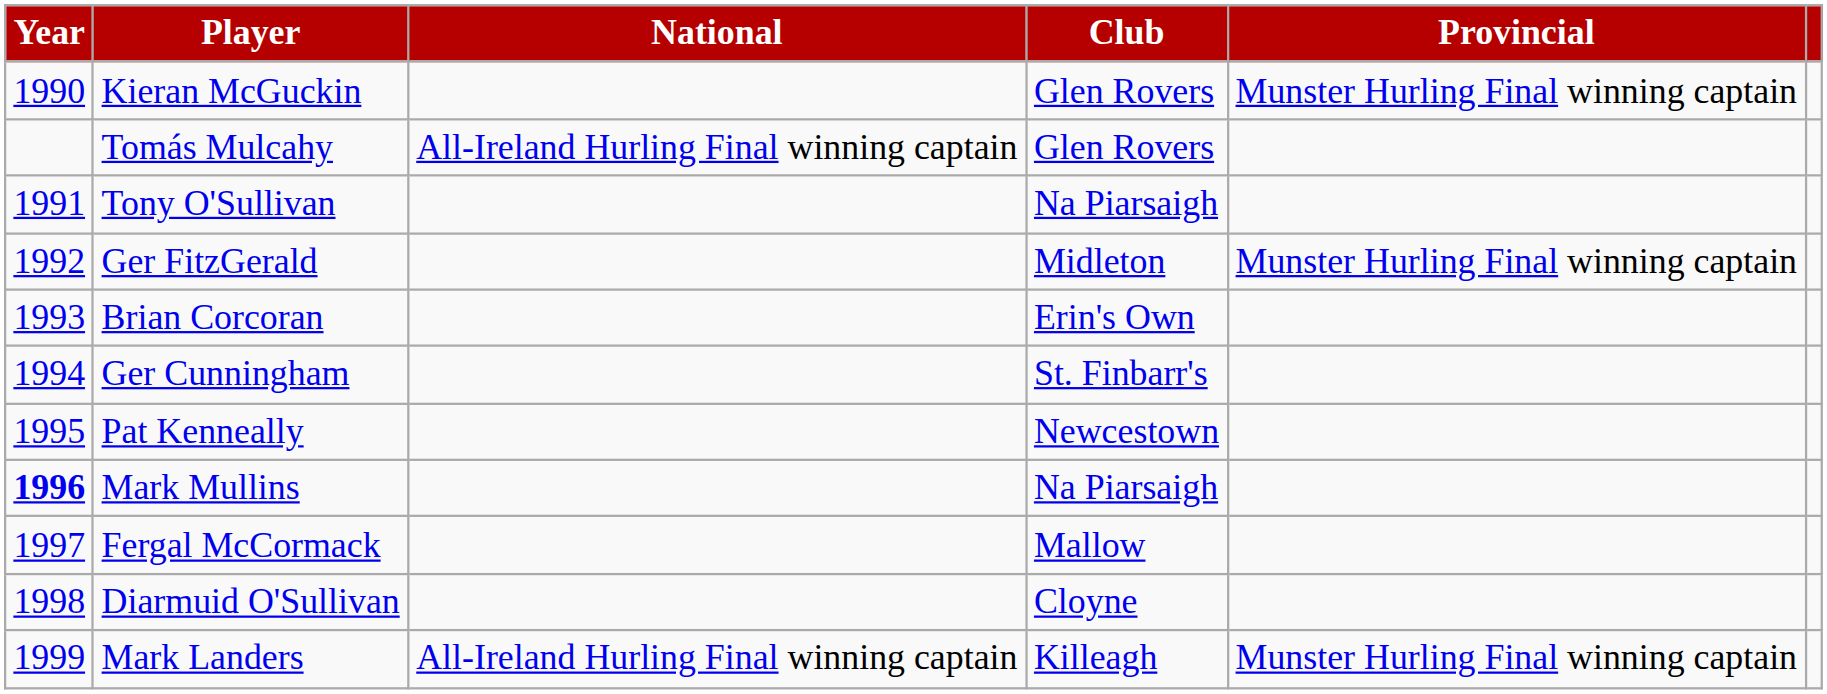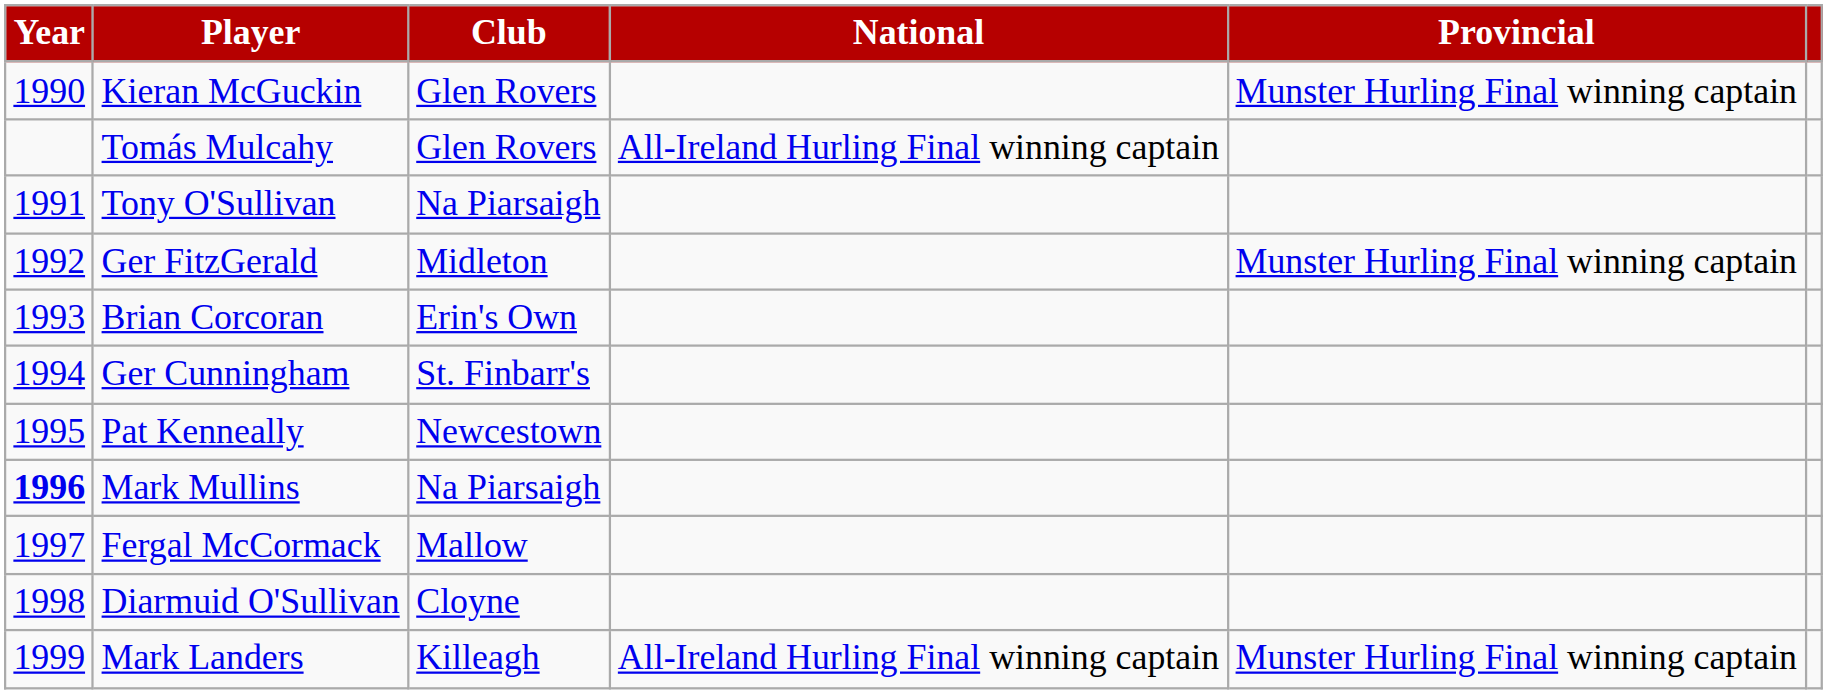 <table class="wikitable">
 <tr style="text-align:center;background:#B60000;color:white">
 <td><strong>Year</strong></td>
 <td><strong>Player</strong></td>
+<td><strong>Club</strong></td>
 <td><strong>National</strong></td>
-<td><strong>Club</strong></td>
 <td><strong>Provincial</strong></td>
 <td></td>
 </tr>
 <tr>
 <td style="text-align:left;"><a href='#'>1990</a></td>
 <td style="text-align:left;"><a href='#'>Kieran McGuckin</a></td>
+<td style="text-align:left;"><a href='#'>Glen Rovers</a></td>
 <td></td>
-<td style="text-align:left;"><a href='#'>Glen Rovers</a></td>
 <td style="text-align:left;"><a href='#'>Munster Hurling Final</a> winning captain</td>
 <td></td>
 </tr>
 <tr>
 <td></td>
 <td style="text-align:left;"><a href='#'>Tomás Mulcahy</a></td>
+<td style="text-align:left;"><a href='#'>Glen Rovers</a></td>
 <td style="text-align:left;"><a href='#'>All-Ireland Hurling Final</a> winning captain</td>
-<td style="text-align:left;"><a href='#'>Glen Rovers</a></td>
 <td></td>
 <td></td>
 </tr>
 <tr>
 <td style="text-align:left;"><a href='#'>1991</a></td>
 <td style="text-align:left;"><a href='#'>Tony O'Sullivan</a></td>
+<td style="text-align:left;"><a href='#'>Na Piarsaigh</a></td>
 <td></td>
-<td style="text-align:left;"><a href='#'>Na Piarsaigh</a></td>
 <td></td>
 <td></td>
 </tr>
 <tr>
 <td style="text-align:left;"><a href='#'>1992</a></td>
 <td style="text-align:left;"><a href='#'>Ger FitzGerald</a></td>
+<td style="text-align:left;"><a href='#'>Midleton</a></td>
 <td></td>
-<td style="text-align:left;"><a href='#'>Midleton</a></td>
 <td style="text-align:left;"><a href='#'>Munster Hurling Final</a> winning captain</td>
 <td></td>
 </tr>
 <tr>
 <td style="text-align:left;"><a href='#'>1993</a></td>
 <td style="text-align:left;"><a href='#'>Brian Corcoran</a></td>
+<td style="text-align:left;"><a href='#'>Erin's Own</a></td>
 <td></td>
-<td style="text-align:left;"><a href='#'>Erin's Own</a></td>
 <td></td>
 <td></td>
 </tr>
 <tr>
 <td style="text-align:left;"><a href='#'>1994</a></td>
 <td style="text-align:left;"><a href='#'>Ger Cunningham</a></td>
+<td style="text-align:left;"><a href='#'>St. Finbarr's</a></td>
 <td></td>
-<td style="text-align:left;"><a href='#'>St. Finbarr's</a></td>
 <td></td>
 <td></td>
 </tr>
 <tr>
 <td style="text-align:left;"><a href='#'>1995</a></td>
 <td style="text-align:left;"><a href='#'>Pat Kenneally</a></td>
+<td style="text-align:left;"><a href='#'>Newcestown</a></td>
 <td></td>
-<td style="text-align:left;"><a href='#'>Newcestown</a></td>
 <td></td>
 <td></td>
 </tr>
 <tr>
 <td style="text-align:left;"><strong><a href='#'>1996</a></strong></td>
 <td style="text-align:left;"><a href='#'>Mark Mullins</a></td>
+<td style="text-align:left;"><a href='#'>Na Piarsaigh</a></td>
 <td></td>
-<td style="text-align:left;"><a href='#'>Na Piarsaigh</a></td>
 <td></td>
 <td></td>
 </tr>
 <tr>
 <td style="text-align:left;"><a href='#'>1997</a></td>
 <td style="text-align:left;"><a href='#'>Fergal McCormack</a></td>
+<td style="text-align:left;"><a href='#'>Mallow</a></td>
 <td></td>
-<td style="text-align:left;"><a href='#'>Mallow</a></td>
 <td></td>
 <td></td>
 </tr>
 <tr>
 <td style="text-align:left;"><a href='#'>1998</a></td>
 <td style="text-align:left;"><a href='#'>Diarmuid O'Sullivan</a></td>
+<td style="text-align:left;"><a href='#'>Cloyne</a></td>
 <td></td>
-<td style="text-align:left;"><a href='#'>Cloyne</a></td>
 <td></td>
 <td></td>
 </tr>
 <tr>
 <td style="text-align:left;"><a href='#'>1999</a></td>
 <td style="text-align:left;"><a href='#'>Mark Landers</a></td>
+<td style="text-align:left;"><a href='#'>Killeagh</a></td>
 <td style="text-align:left;"><a href='#'>All-Ireland Hurling Final</a> winning captain</td>
-<td style="text-align:left;"><a href='#'>Killeagh</a></td>
 <td style="text-align:left;"><a href='#'>Munster Hurling Final</a> winning captain</td>
 <td></td>
 </tr>
 </table>
